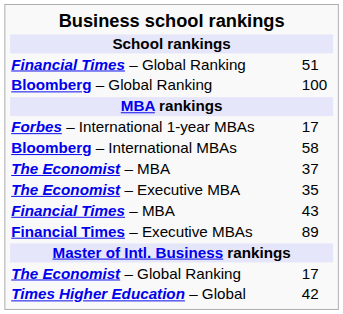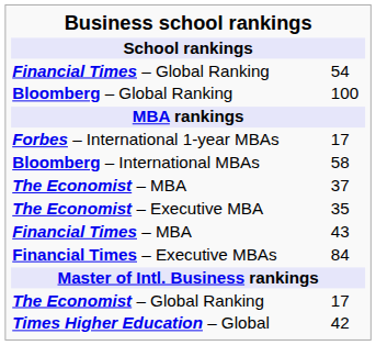 <table class="infobox" style="width: 22em;">
 <tr>
 <th colspan="2" style="font-size: 100%; text-align: center;"><big>Business school rankings</big></th>
 </tr>
 <tr>
 <th colspan="2" style="font-size: 100%; text-align: center; background-color:#E6E6FA">School rankings</th>
 </tr>
 <tr>
 <td><strong><em><a href='#'>Financial Times</a></em></strong> – Global Ranking</td>
-<td>51</td>
+<td>54</td>
 </tr>
 <tr>
 <td><strong><a href='#'>Bloomberg</a></strong> – Global Ranking</td>
 <td>100</td>
 </tr>
 <tr>
 <th colspan="2" style="font-size: 100%; text-align: center; background-color:#E6E6FA"><a href='#'>MBA</a> rankings</th>
 </tr>
 <tr>
 <td><strong><em><a href='#'>Forbes</a></em></strong> – International 1-year MBAs</td>
 <td>17</td>
 </tr>
 <tr>
 <td><strong><a href='#'>Bloomberg</a></strong> – International MBAs</td>
 <td>58</td>
 </tr>
 <tr>
 <td><strong><em><a href='#'>The Economist</a></em></strong> – MBA</td>
 <td>37</td>
 </tr>
 <tr>
 <td><strong><em><a href='#'>The Economist</a></em></strong>  – Executive MBA</td>
 <td>35</td>
 </tr>
 <tr>
 <td><strong><em><a href='#'>Financial Times</a></em></strong> – MBA</td>
 <td>43</td>
 </tr>
 <tr>
 <td><strong><a href='#'>Financial Times</a></strong>  – Executive MBAs</td>
-<td>89</td>
+<td>84</td>
 </tr>
 <tr>
 <th colspan="2" style="font-size: 100%; text-align: center; background-color:#E6E6FA"><a href='#'>Master of Intl. Business</a> rankings</th>
 </tr>
 <tr>
 <td><strong><em><a href='#'>The Economist</a></em></strong> – Global Ranking</td>
 <td>17</td>
 </tr>
 <tr>
 <td><strong><a href='#'><em>Times Higher Education</em></a></strong> – Global</td>
 <td>42</td>
 </tr>
 </table>
